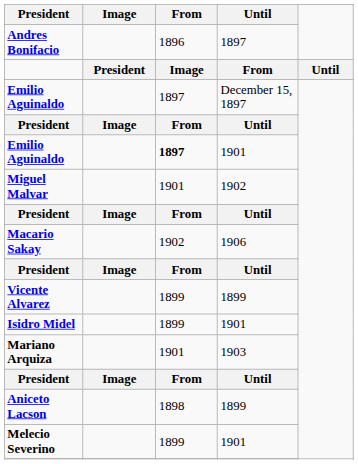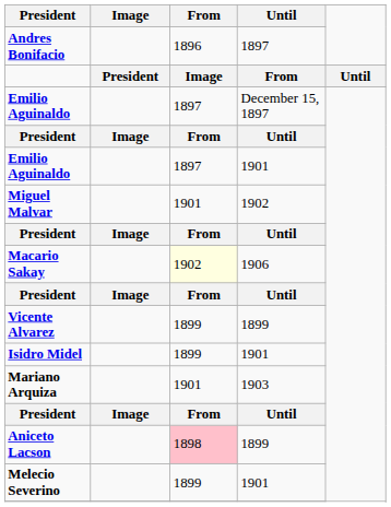 <table class="wikitable" width="70%">
 <tr>
 <th width="5%,">President</th>
 <th width="5%">Image</th>
 <th width="7%">From</th>
 <th width="7%">Until</th>
 </tr>
 <tr>
 <td><strong><a href='#'>Andres Bonifacio</a></strong></td>
 <td></td>
 <td>1896</td>
 <td>1897</td>
 </tr>
 <tr>
 <td></td>
 <th width="5%,">President</th>
 <th width="5%">Image</th>
 <th width="7%">From</th>
 <th width="7%">Until</th>
 </tr>
 <tr>
 <td><strong><a href='#'>Emilio Aguinaldo</a></strong></td>
 <td></td>
 <td>1897</td>
 <td>December 15, 1897</td>
 </tr>
 <tr>
 <th width="5%,">President</th>
 <th width="5%">Image</th>
 <th width="7%">From</th>
 <th width="7%">Until</th>
 </tr>
 <tr>
 <td><strong><a href='#'>Emilio Aguinaldo</a></strong></td>
 <td></td>
-<td><strong>1897</strong></td>
+<td>1897</td>
 <td>1901</td>
 </tr>
 <tr>
 <td><strong><a href='#'>Miguel Malvar</a></strong></td>
 <td></td>
 <td>1901</td>
 <td>1902</td>
 </tr>
 <tr>
 <th width="5%,">President</th>
 <th width="5%">Image</th>
 <th width="7%">From</th>
 <th width="7%">Until</th>
 </tr>
 <tr>
 <td><strong><a href='#'>Macario Sakay</a></strong></td>
 <td></td>
-<td>1902</td>
+<td style="background: lightyellow;">1902</td>
 <td>1906</td>
 </tr>
 <tr>
 <th width="5%,">President</th>
 <th width="5%">Image</th>
 <th width="7%">From</th>
 <th width="7%">Until</th>
 </tr>
 <tr>
 <td><strong><a href='#'>Vicente Alvarez</a></strong></td>
 <td></td>
 <td>1899</td>
 <td>1899</td>
 </tr>
 <tr>
 <td><strong><a href='#'>Isidro Midel</a></strong></td>
 <td></td>
 <td>1899</td>
 <td>1901</td>
 </tr>
 <tr>
 <td><strong>Mariano Arquiza</strong></td>
 <td></td>
 <td>1901</td>
 <td>1903</td>
 </tr>
 <tr>
 <th width="5%,">President</th>
 <th width="5%">Image</th>
 <th width="7%">From</th>
 <th width="7%">Until</th>
 </tr>
 <tr>
 <td><strong><a href='#'>Aniceto Lacson</a></strong></td>
 <td></td>
-<td>1898</td>
+<td style="background: pink;">1898</td>
 <td>1899</td>
 </tr>
 <tr>
 <td><strong>Melecio Severino</strong></td>
 <td></td>
 <td>1899</td>
 <td>1901</td>
 </tr>
 <tr>
 </tr>
 </table>
